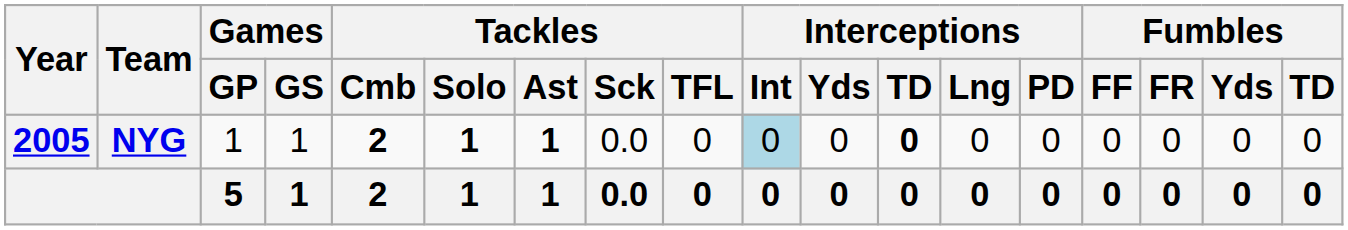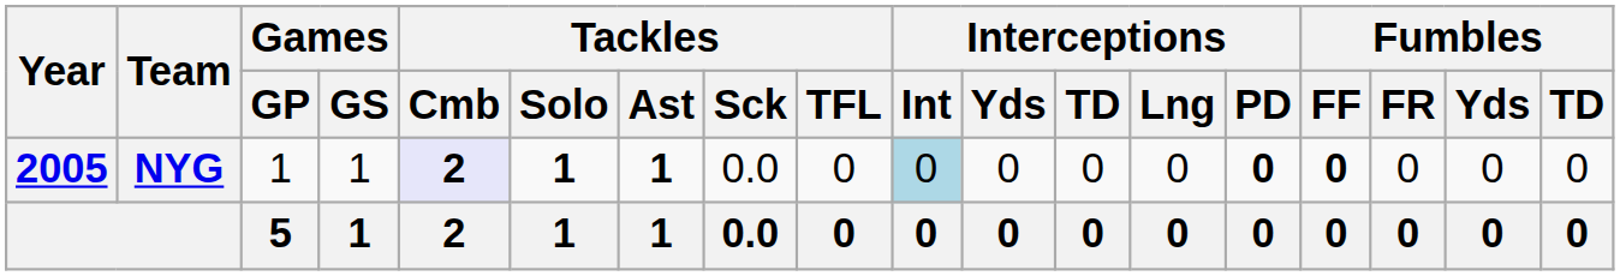 <table class="wikitable" style="text-align:center">
 <tr>
 <th rowspan="2">Year</th>
 <th rowspan="2">Team</th>
 <th colspan="2">Games</th>
 <th colspan="5">Tackles</th>
 <th colspan="5">Interceptions</th>
 <th colspan="4">Fumbles</th>
 </tr>
 <tr>
 <th>GP</th>
 <th>GS</th>
 <th>Cmb</th>
 <th>Solo</th>
 <th>Ast</th>
 <th>Sck</th>
 <th>TFL</th>
 <th>Int</th>
 <th>Yds</th>
 <th>TD</th>
 <th>Lng</th>
 <th>PD</th>
 <th>FF</th>
 <th>FR</th>
 <th>Yds</th>
 <th>TD</th>
 </tr>
 <tr>
 <th><a href='#'>2005</a></th>
 <th><a href='#'>NYG</a></th>
 <td>1</td>
 <td>1</td>
-<td><strong>2</strong></td>
+<td style="background: lavender;"><strong>2</strong></td>
 <td><strong>1</strong></td>
 <td><strong>1</strong></td>
 <td>0.0</td>
 <td>0</td>
 <td style="background: lightblue;">0</td>
 <td>0</td>
-<td><strong>0</strong></td>
 <td>0</td>
 <td>0</td>
-<td>0</td>
+<td><strong>0</strong></td>
+<td><strong>0</strong></td>
 <td>0</td>
 <td>0</td>
 <td>0</td>
 </tr>
 <tr>
 <th colspan="2"></th>
 <th>5</th>
 <th>1</th>
 <th>2</th>
 <th>1</th>
 <th>1</th>
 <th>0.0</th>
 <th>0</th>
 <th>0</th>
 <th>0</th>
 <th>0</th>
 <th>0</th>
 <th>0</th>
 <th>0</th>
 <th>0</th>
 <th>0</th>
 <th>0</th>
 </tr>
 </table>
